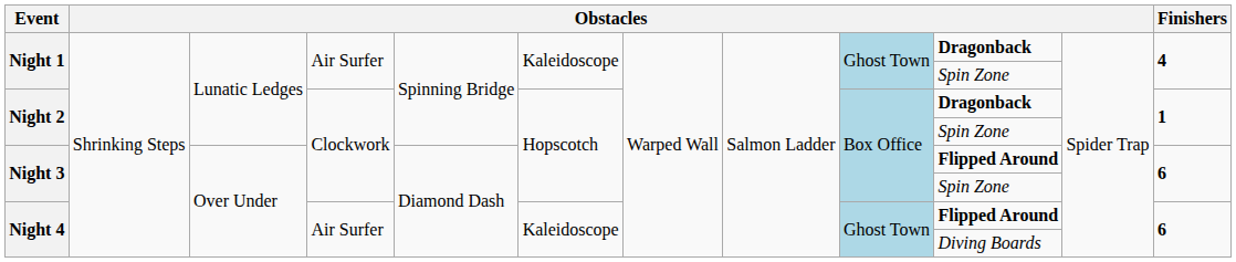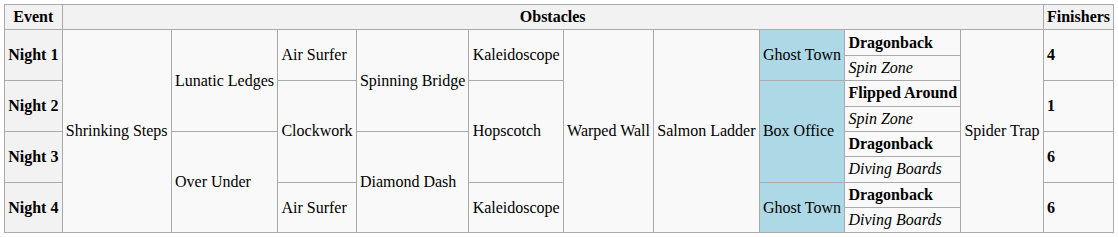 <table class="wikitable">
 <tr>
 <th>Event</th>
 <th colspan="10">Obstacles</th>
 <th>Finishers</th>
 </tr>
 <tr>
 <th rowspan="2">Night 1</th>
 <td rowspan="8">Shrinking Steps</td>
 <td rowspan="4">Lunatic Ledges</td>
 <td rowspan="2">Air Surfer</td>
 <td rowspan="4">Spinning Bridge</td>
 <td rowspan="2">Kaleidoscope</td>
 <td rowspan="8">Warped Wall</td>
 <td rowspan="8">Salmon Ladder</td>
 <td rowspan="2" bgcolor="lightblue">Ghost Town</td>
 <td><strong>Dragonback</strong></td>
 <td rowspan="8">Spider Trap</td>
 <td rowspan="2"><strong>4</strong></td>
 </tr>
 <tr>
 <td><em>Spin Zone</em></td>
 </tr>
 <tr>
 <th rowspan="2">Night 2</th>
 <td rowspan="4">Clockwork</td>
 <td rowspan="4">Hopscotch</td>
 <td rowspan="4" bgcolor="lightblue">Box Office</td>
-<td><strong>Dragonback</strong></td>
+<td><strong>Flipped Around</strong></td>
 <td rowspan="2"><strong>1</strong></td>
 </tr>
 <tr>
 <td><em>Spin Zone</em></td>
 </tr>
 <tr>
 <th rowspan="2">Night 3</th>
 <td rowspan="4">Over Under</td>
 <td rowspan="4">Diamond Dash</td>
-<td><strong>Flipped Around</strong></td>
+<td><strong>Dragonback</strong></td>
 <td rowspan="2"><strong>6</strong></td>
 </tr>
 <tr>
-<td><em>Spin Zone</em></td>
+<td><em>Diving Boards</em></td>
 </tr>
 <tr>
 <th rowspan="2">Night 4</th>
 <td rowspan="2">Air Surfer</td>
 <td rowspan="2">Kaleidoscope</td>
 <td rowspan="2" bgcolor="lightblue">Ghost Town</td>
-<td><strong>Flipped Around</strong></td>
+<td><strong>Dragonback</strong></td>
 <td rowspan="2"><strong>6</strong></td>
 </tr>
 <tr>
 <td><em>Diving Boards</em></td>
 </tr>
 </table>
